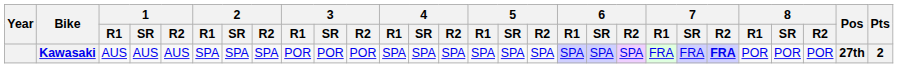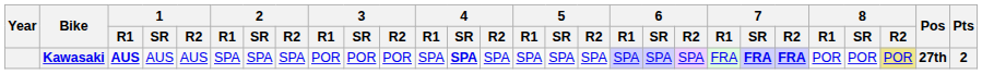 <table class="wikitable" style="text-align:center; font-size:90%;">
 <tr>
 <th rowspan="2">Year</th>
 <th rowspan="2">Bike</th>
 <th colspan="3">1</th>
 <th colspan="3">2</th>
 <th colspan="3">3</th>
 <th colspan="3">4</th>
 <th colspan="3">5</th>
 <th colspan="3">6</th>
 <th colspan="3">7</th>
 <th colspan="3">8</th>
 <th rowspan="2">Pos</th>
 <th rowspan="2">Pts</th>
 </tr>
 <tr>
 <th>R1</th>
 <th>SR</th>
 <th>R2</th>
 <th>R1</th>
 <th>SR</th>
 <th>R2</th>
 <th>R1</th>
 <th>SR</th>
 <th>R2</th>
 <th>R1</th>
 <th>SR</th>
 <th>R2</th>
 <th>R1</th>
 <th>SR</th>
 <th>R2</th>
 <th>R1</th>
 <th>SR</th>
 <th>R2</th>
 <th>R1</th>
 <th>SR</th>
 <th>R2</th>
 <th>R1</th>
 <th>SR</th>
 <th>R2</th>
 </tr>
 <tr>
 <th></th>
 <th><a href='#'>Kawasaki</a></th>
-<td><a href='#'>AUS</a></td>
+<td><strong><a href='#'>AUS</a></strong></td>
 <td><a href='#'>AUS</a></td>
 <td><a href='#'>AUS</a></td>
 <td><a href='#'>SPA</a></td>
 <td><a href='#'>SPA</a></td>
 <td><a href='#'>SPA</a></td>
 <td><a href='#'>POR</a></td>
 <td><a href='#'>POR</a></td>
 <td><a href='#'>POR</a></td>
 <td><a href='#'>SPA</a></td>
-<td><a href='#'>SPA</a></td>
+<td><strong><a href='#'>SPA</a></strong></td>
 <td><a href='#'>SPA</a></td>
 <td><a href='#'>SPA</a></td>
 <td><a href='#'>SPA</a></td>
 <td><a href='#'>SPA</a></td>
 <td style="background:#CFCFFF;"><a href='#'>SPA</a><br></td>
 <td style="background:#CFCFFF;"><a href='#'>SPA</a><br></td>
 <td style="background:#EFCFFF;"><a href='#'>SPA</a><br></td>
 <td style="background:#DFFFDF;"><a href='#'>FRA</a><br></td>
-<td style="background:#CFCFFF;"><a href='#'>FRA</a><br></td>
+<td style="background:#CFCFFF;"><strong><a href='#'>FRA</a><br></strong></td>
 <td style="background:#CFCFFF;"><strong><a href='#'>FRA</a><br></strong></td>
 <td><a href='#'>POR</a></td>
 <td><a href='#'>POR</a></td>
-<td><a href='#'>POR</a></td>
+<td style="background: khaki;"><a href='#'>POR</a></td>
 <th>27th</th>
 <th>2</th>
 </tr>
 </table>
